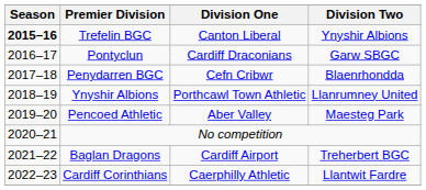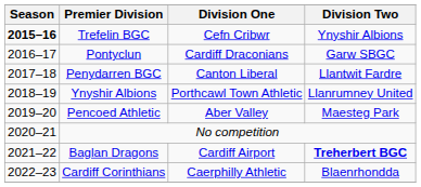 <table class="wikitable" style="text-align: center">
 <tr>
 </tr>
 <tr>
 <th>Season</th>
 <th>Premier Division</th>
 <th>Division One</th>
 <th>Division Two</th>
 </tr>
 <tr>
 <td><strong>2015–16</strong></td>
 <td><a href='#'>Trefelin BGC</a></td>
-<td><a href='#'>Canton Liberal</a></td>
+<td><a href='#'>Cefn Cribwr</a></td>
 <td><a href='#'>Ynyshir Albions</a></td>
 </tr>
 <tr>
 <td>2016–17</td>
 <td><a href='#'>Pontyclun</a></td>
 <td><a href='#'>Cardiff Draconians</a></td>
 <td><a href='#'>Garw SBGC</a></td>
 </tr>
 <tr>
 <td>2017–18</td>
 <td><a href='#'>Penydarren BGC</a></td>
-<td><a href='#'>Cefn Cribwr</a></td>
-<td><a href='#'>Blaenrhondda</a></td>
+<td><a href='#'>Canton Liberal</a></td>
+<td><a href='#'>Llantwit Fardre</a></td>
 </tr>
 <tr>
 <td>2018–19</td>
 <td><a href='#'>Ynyshir Albions</a></td>
 <td><a href='#'>Porthcawl Town Athletic</a></td>
 <td><a href='#'>Llanrumney United</a></td>
 </tr>
 <tr>
 <td>2019–20</td>
 <td><a href='#'>Pencoed Athletic</a></td>
 <td><a href='#'>Aber Valley</a></td>
 <td><a href='#'>Maesteg Park</a></td>
 </tr>
 <tr>
 <td>2020–21</td>
 <td colspan="3"><em>No competition</em></td>
 </tr>
 <tr>
 <td>2021–22</td>
 <td><a href='#'>Baglan Dragons</a></td>
 <td><a href='#'>Cardiff Airport</a></td>
-<td><a href='#'>Treherbert BGC</a></td>
+<td><strong><a href='#'>Treherbert BGC</a></strong></td>
 </tr>
 <tr>
 <td>2022–23</td>
 <td><a href='#'>Cardiff Corinthians</a></td>
 <td><a href='#'>Caerphilly Athletic</a></td>
-<td><a href='#'>Llantwit Fardre</a></td>
+<td><a href='#'>Blaenrhondda</a></td>
 </tr>
 <tr>
 </tr>
 </table>
